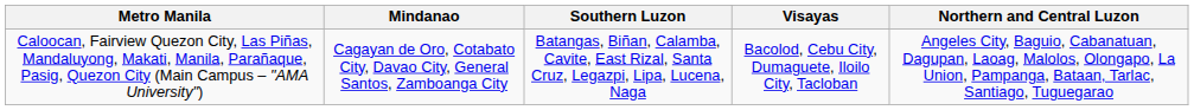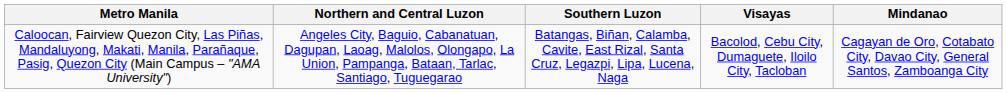 <table class="wikitable sortable" style="text-align: center">
 <tr>
 <th>Metro Manila</th>
-<th>Mindanao</th>
+<th>Northern and Central Luzon</th>
 <th>Southern Luzon</th>
 <th>Visayas</th>
-<th>Northern and Central Luzon</th>
+<th>Mindanao</th>
 </tr>
 <tr>
 <td><a href='#'>Caloocan</a>, Fairview Quezon City, <a href='#'>Las Piñas</a>, <a href='#'>Mandaluyong</a>, <a href='#'>Makati</a>, <a href='#'>Manila</a>, <a href='#'>Parañaque</a>, <a href='#'>Pasig</a>, <a href='#'>Quezon City</a> (Main Campus – <em>"AMA University"</em>)</td>
-<td><a href='#'>Cagayan de Oro</a>, <a href='#'>Cotabato City</a>, <a href='#'>Davao City</a>, <a href='#'>General Santos</a>, <a href='#'>Zamboanga City</a></td>
+<td><a href='#'>Angeles City</a>, <a href='#'>Baguio</a>, <a href='#'>Cabanatuan</a>, <a href='#'>Dagupan</a>, <a href='#'>Laoag</a>, <a href='#'>Malolos</a>, <a href='#'>Olongapo</a>, <a href='#'>La Union</a>, <a href='#'>Pampanga</a>, <a href='#'>Bataan, Tarlac</a>, <a href='#'>Santiago</a>, <a href='#'>Tuguegarao</a></td>
 <td><a href='#'>Batangas</a>, <a href='#'>Biñan</a>, <a href='#'>Calamba</a>, <a href='#'>Cavite</a>, <a href='#'>East Rizal</a>, <a href='#'>Santa Cruz</a>, <a href='#'>Legazpi</a>, <a href='#'>Lipa</a>, <a href='#'>Lucena</a>, <a href='#'>Naga</a></td>
 <td><a href='#'>Bacolod</a>, <a href='#'>Cebu City</a>, <a href='#'>Dumaguete</a>, <a href='#'>Iloilo City</a>, <a href='#'>Tacloban</a></td>
-<td><a href='#'>Angeles City</a>, <a href='#'>Baguio</a>, <a href='#'>Cabanatuan</a>, <a href='#'>Dagupan</a>, <a href='#'>Laoag</a>, <a href='#'>Malolos</a>, <a href='#'>Olongapo</a>, <a href='#'>La Union</a>, <a href='#'>Pampanga</a>, <a href='#'>Bataan, Tarlac</a>, <a href='#'>Santiago</a>, <a href='#'>Tuguegarao</a></td>
+<td><a href='#'>Cagayan de Oro</a>, <a href='#'>Cotabato City</a>, <a href='#'>Davao City</a>, <a href='#'>General Santos</a>, <a href='#'>Zamboanga City</a></td>
 </tr>
 </table>
